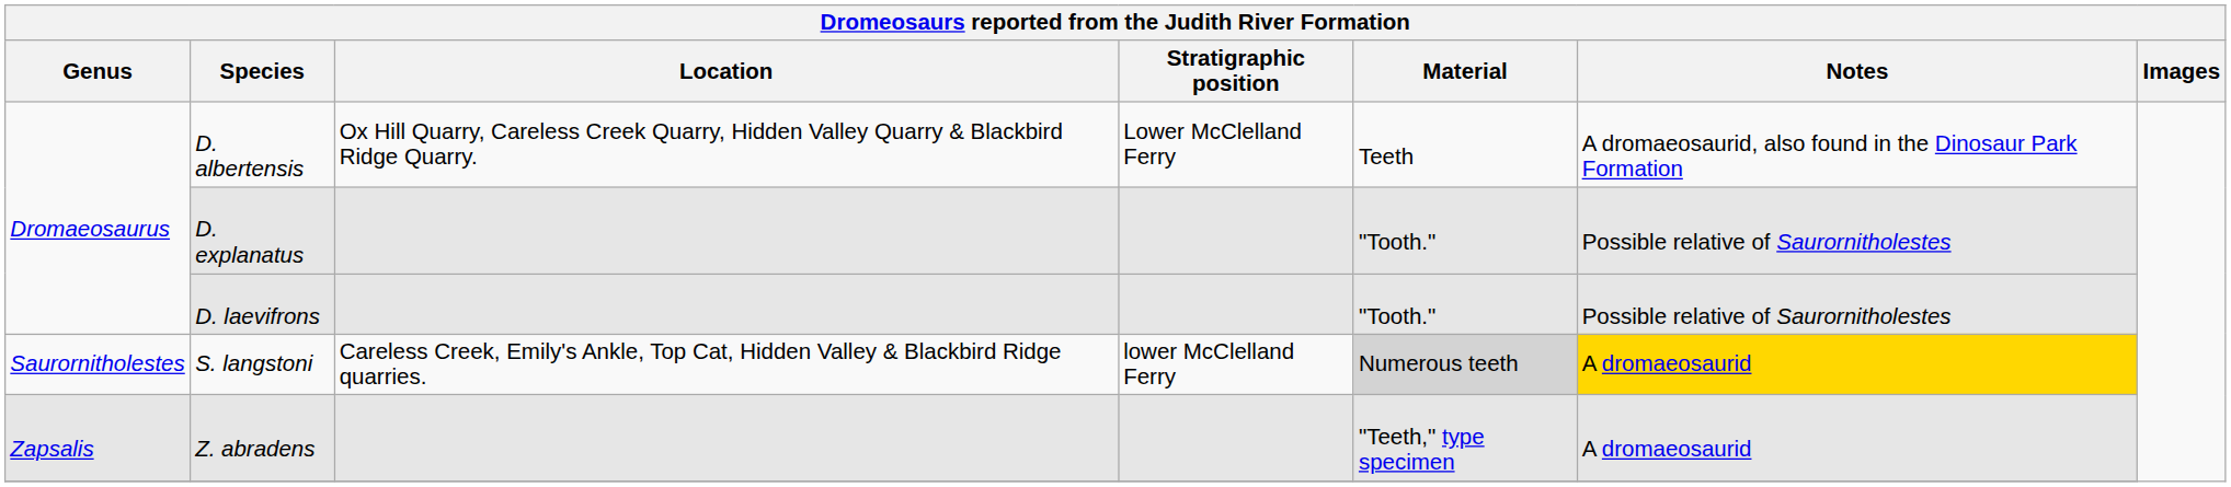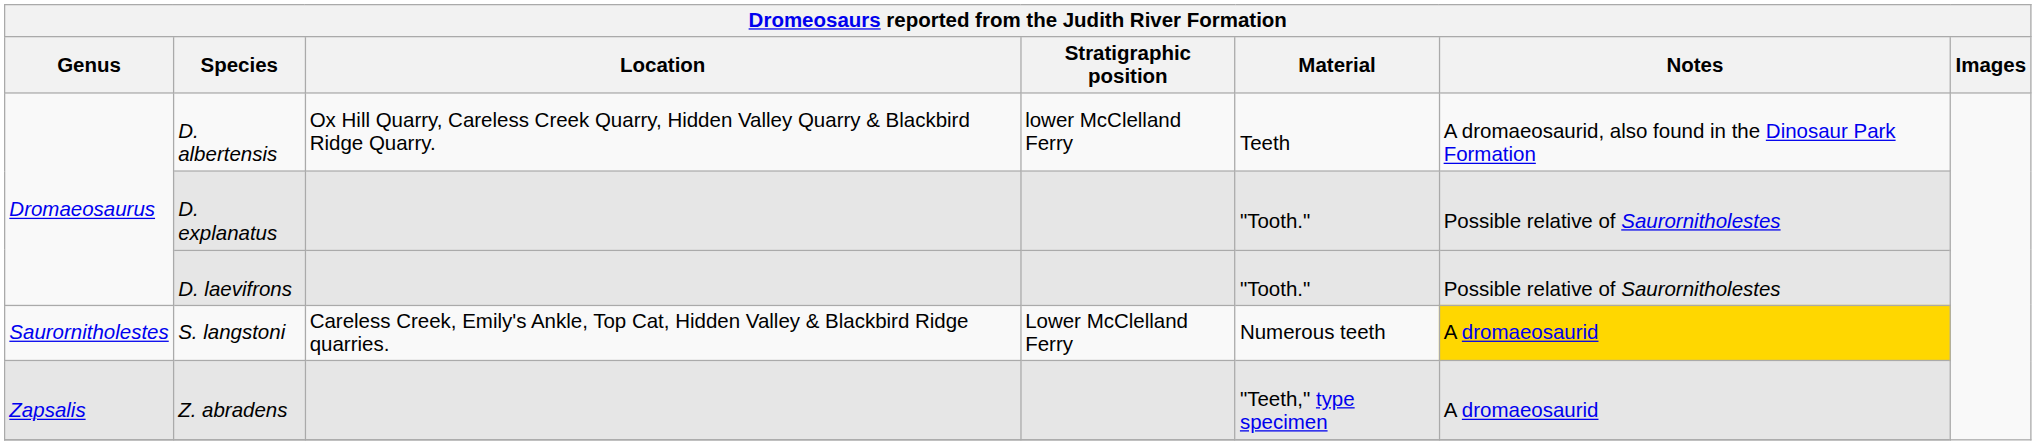 <table class="wikitable" align="center" width="100%">
 <tr>
 <th colspan="8" align="center"><strong><a href='#'>Dromeosaurs</a> reported from the Judith River Formation</strong></th>
 </tr>
 <tr>
 <th>Genus</th>
 <th>Species</th>
 <th>Location</th>
 <th>Stratigraphic position</th>
 <th>Material</th>
 <th>Notes</th>
 <th>Images</th>
 </tr>
 <tr>
 <td rowspan=3><br><em><a href='#'>Dromaeosaurus</a></em></td>
 <td><br><em>D. albertensis</em></td>
 <td>Ox Hill Quarry, Careless Creek Quarry, Hidden Valley Quarry & Blackbird Ridge Quarry.</td>
-<td>Lower McClelland Ferry</td>
+<td>lower McClelland Ferry</td>
 <td><br>Teeth</td>
 <td><br>A dromaeosaurid, also found in the <a href='#'>Dinosaur Park Formation</a></td>
 <td rowspan = "100"><br></td>
 </tr>
 <tr>
 <td style="background:#E6E6E6;"><br><em>D. explanatus</em></td>
 <td style="background:#E6E6E6;"></td>
 <td style="background:#E6E6E6;"></td>
 <td style="background:#E6E6E6;"><br>"Tooth."</td>
 <td style="background:#E6E6E6;"><br>Possible relative of <em><a href='#'>Saurornitholestes</a></em></td>
 </tr>
 <tr>
 <td style="background:#E6E6E6;"><br><em>D. laevifrons</em></td>
 <td style="background:#E6E6E6;"></td>
 <td style="background:#E6E6E6;"></td>
 <td style="background:#E6E6E6;"><br>"Tooth."</td>
 <td style="background:#E6E6E6;"><br>Possible relative of <em>Saurornitholestes</em></td>
 </tr>
 <tr>
 <td><em><a href='#'>Saurornitholestes</a></em></td>
 <td><em>S. langstoni</em></td>
 <td>Careless Creek, Emily's Ankle, Top Cat, Hidden Valley & Blackbird Ridge quarries.</td>
-<td>lower McClelland Ferry</td>
-<td style="background: lightgrey;">Numerous teeth</td>
+<td>Lower McClelland Ferry</td>
+<td>Numerous teeth</td>
 <td style="background: gold;">A <a href='#'>dromaeosaurid</a></td>
 </tr>
 <tr>
 <td style="background:#E6E6E6;"><br><em><a href='#'>Zapsalis</a></em></td>
 <td style="background:#E6E6E6;"><br><em>Z. abradens</em></td>
 <td style="background:#E6E6E6;"></td>
 <td style="background:#E6E6E6;"></td>
 <td style="background:#E6E6E6;"><br>"Teeth," <a href='#'>type specimen</a></td>
 <td style="background:#E6E6E6;"><br>A <a href='#'>dromaeosaurid</a></td>
 </tr>
 <tr>
 </tr>
 </table>
